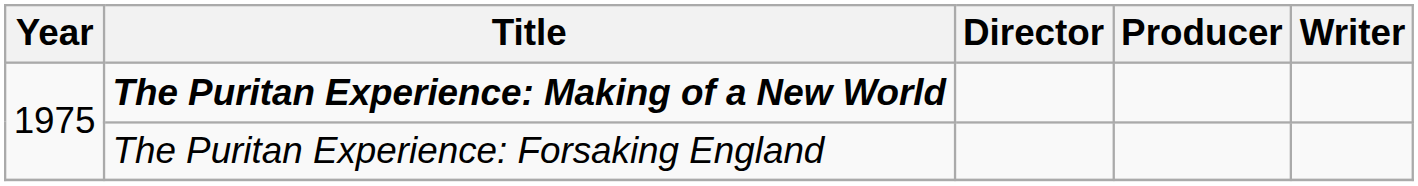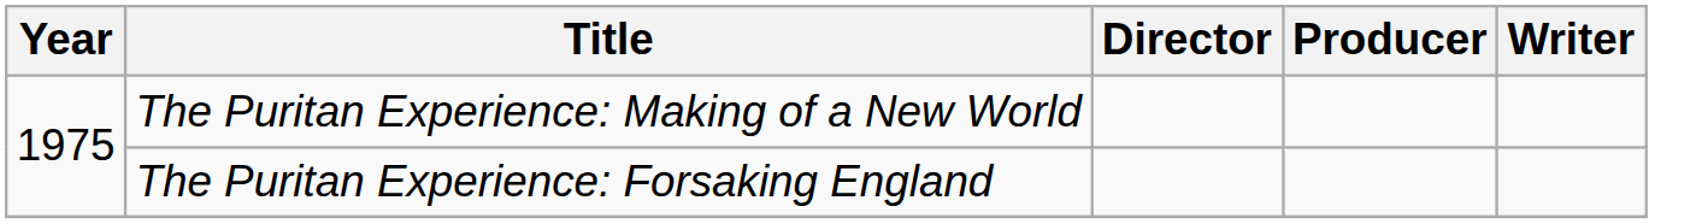 <table class="wikitable">
 <tr>
 <th>Year</th>
 <th>Title</th>
 <th>Director</th>
 <th>Producer</th>
 <th>Writer</th>
 </tr>
 <tr>
 <td rowspan=2>1975</td>
-<td><strong><em>The Puritan Experience: Making of a New World</em></strong></td>
+<td><em>The Puritan Experience: Making of a New World</em></td>
 <td></td>
 <td></td>
 <td></td>
 </tr>
 <tr>
 <td><em>The Puritan Experience: Forsaking England</em></td>
 <td></td>
 <td></td>
 <td></td>
 </tr>
 <tr>
 </tr>
 </table>
